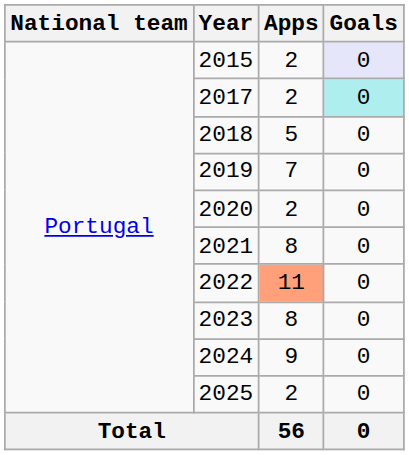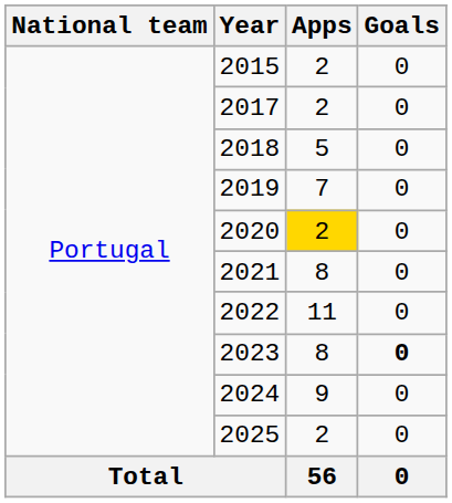 <table class="wikitable" style="text-align: center;">
 <tr>
 <th>National team</th>
 <th>Year</th>
 <th>Apps</th>
 <th>Goals</th>
 </tr>
 <tr>
 <td rowspan="10"><a href='#'>Portugal</a></td>
 <td>2015</td>
 <td>2</td>
-<td style="background: lavender;">0</td>
+<td>0</td>
 </tr>
 <tr>
 <td>2017</td>
 <td>2</td>
-<td style="background: paleturquoise;">0</td>
+<td>0</td>
 </tr>
 <tr>
 <td>2018</td>
 <td>5</td>
 <td>0</td>
 </tr>
 <tr>
 <td>2019</td>
 <td>7</td>
 <td>0</td>
 </tr>
 <tr>
 <td>2020</td>
-<td>2</td>
+<td style="background: gold;">2</td>
 <td>0</td>
 </tr>
 <tr>
 <td>2021</td>
 <td>8</td>
 <td>0</td>
 </tr>
 <tr>
 <td>2022</td>
-<td style="background: lightsalmon;">11</td>
+<td>11</td>
 <td>0</td>
 </tr>
 <tr>
 <td>2023</td>
 <td>8</td>
-<td>0</td>
+<td><strong>0</strong></td>
 </tr>
 <tr>
 <td>2024</td>
 <td>9</td>
 <td>0</td>
 </tr>
 <tr>
 <td>2025</td>
 <td>2</td>
 <td>0</td>
 </tr>
 <tr>
 <th colspan="2">Total</th>
 <th>56</th>
 <th>0</th>
 </tr>
 </table>
